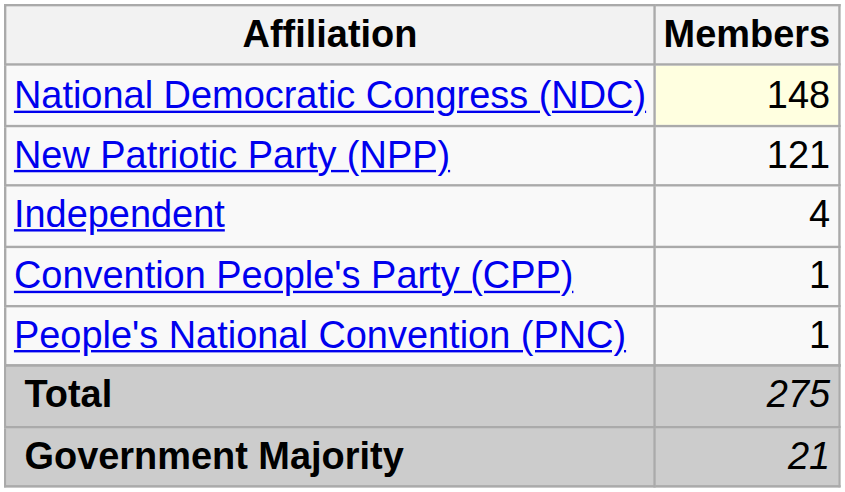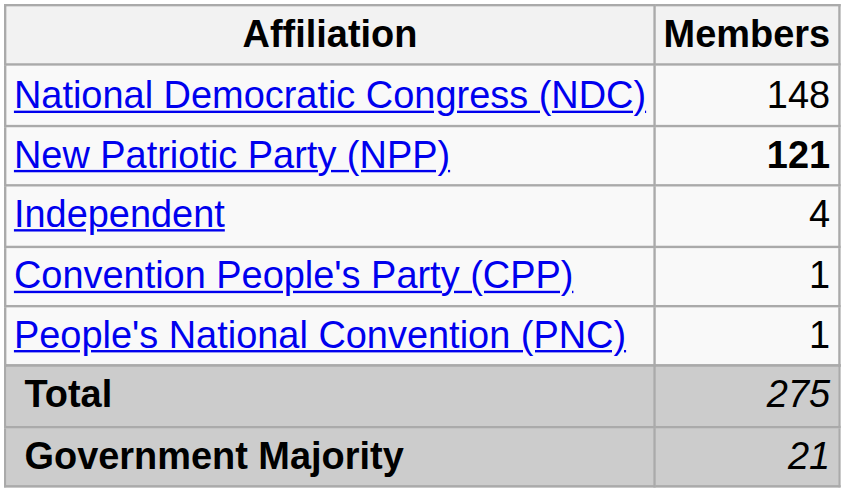 <table class="wikitable">
 <tr>
 <th>Affiliation</th>
 <th>Members</th>
 </tr>
 <tr>
 <td><a href='#'>National Democratic Congress (NDC)</a></td>
-<td align="right" style="background: lightyellow;">148</td>
+<td align="right">148</td>
 </tr>
 <tr>
 <td><a href='#'>New Patriotic Party (NPP)</a></td>
-<td align="right">121</td>
+<td align="right"><strong>121</strong></td>
 </tr>
 <tr>
 <td><a href='#'>Independent</a></td>
 <td align="right">4</td>
 </tr>
 <tr>
 <td><a href='#'>Convention People's Party (CPP)</a></td>
 <td align="right">1</td>
 </tr>
 <tr>
 <td><a href='#'>People's National Convention (PNC)</a></td>
 <td align="right">1</td>
 </tr>
 <tr>
 </tr>
 <tr bgcolor="CCCCCC">
 <td> <strong>Total</strong></td>
 <td align="right"><em>275</em></td>
 </tr>
 <tr bgcolor="CCCCCC">
 <td> <strong>Government Majority</strong></td>
 <td align="right"><em>21</em></td>
 </tr>
 </table>
